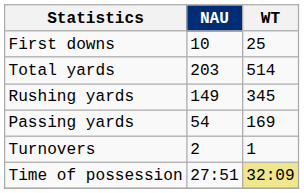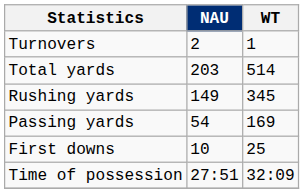 <table class="wikitable" style="float: left;">
 <tr>
 <th>Statistics</th>
 <th style="background:#002d74; color:white; ">NAU</th>
 <th>WT</th>
 </tr>
 <tr>
-<td>First downs</td>
-<td>10</td>
-<td>25</td>
+<td>Turnovers</td>
+<td>2</td>
+<td>1</td>
 </tr>
 <tr>
 <td>Total yards</td>
 <td>203</td>
 <td>514</td>
 </tr>
 <tr>
 <td>Rushing yards</td>
 <td>149</td>
 <td>345</td>
 </tr>
 <tr>
 <td>Passing yards</td>
 <td>54</td>
 <td>169</td>
 </tr>
 <tr>
-<td>Turnovers</td>
-<td>2</td>
-<td>1</td>
+<td>First downs</td>
+<td>10</td>
+<td>25</td>
 </tr>
 <tr>
 <td>Time of possession</td>
 <td>27:51</td>
-<td style="background: khaki;">32:09</td>
+<td>32:09</td>
 </tr>
 <tr>
 </tr>
 </table>
